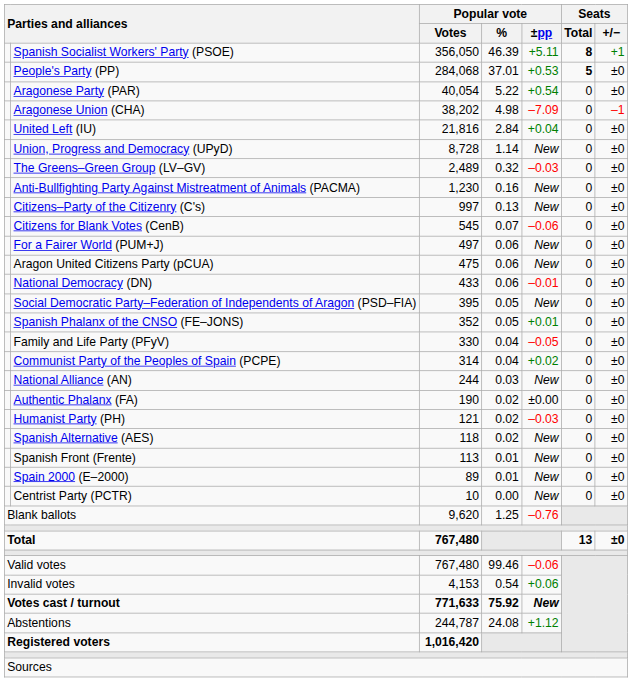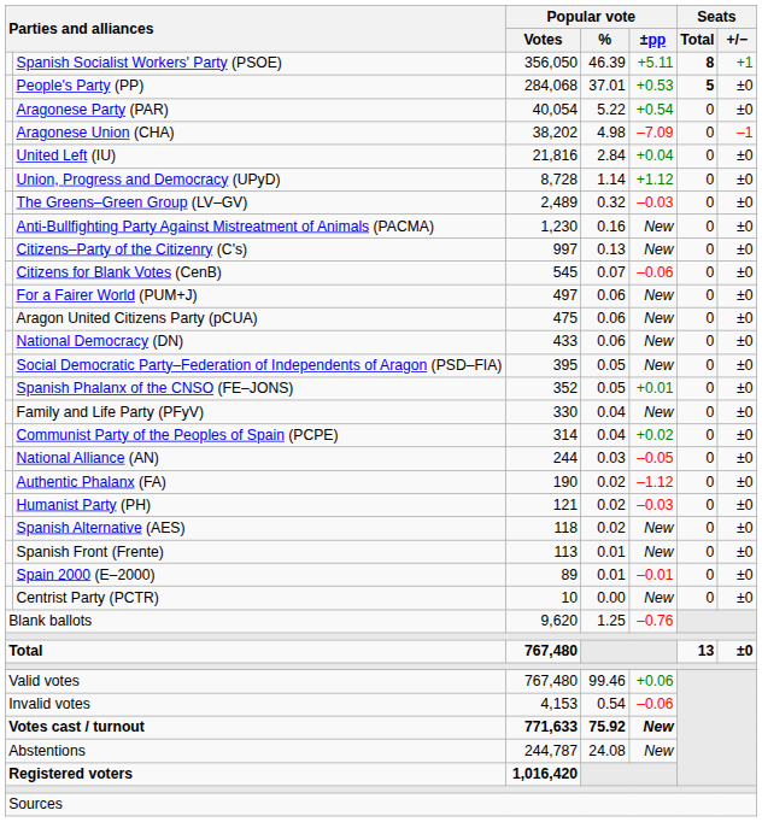 <table class="wikitable" style="text-align:right;">
 <tr>
 <th style="text-align:left;" rowspan="2" colspan="2" width="525">Parties and alliances</th>
 <th colspan="3">Popular vote</th>
 <th colspan="2">Seats</th>
 </tr>
 <tr>
 <th width="75">Votes</th>
 <th width="45">%</th>
 <th width="45">±<a href='#'>pp</a></th>
 <th width="35">Total</th>
 <th width="35">+/−</th>
 </tr>
 <tr>
 <td width="1" style="color:inherit;background:"></td>
 <td align="left"><a href='#'>Spanish Socialist Workers' Party</a> (PSOE)</td>
 <td>356,050</td>
 <td>46.39</td>
 <td style="color:green;">+5.11</td>
 <td><strong>8</strong></td>
 <td style="color:green;">+1</td>
 </tr>
 <tr>
 <td style="color:inherit;background:"></td>
 <td align="left"><a href='#'>People's Party</a> (PP)</td>
 <td>284,068</td>
 <td>37.01</td>
 <td style="color:green;">+0.53</td>
 <td><strong>5</strong></td>
 <td>±0</td>
 </tr>
 <tr>
 <td style="color:inherit;background:"></td>
 <td align="left"><a href='#'>Aragonese Party</a> (PAR)</td>
 <td>40,054</td>
 <td>5.22</td>
 <td style="color:green;">+0.54</td>
 <td>0</td>
 <td>±0</td>
 </tr>
 <tr>
 <td style="color:inherit;background:"></td>
 <td align="left"><a href='#'>Aragonese Union</a> (CHA)</td>
 <td>38,202</td>
 <td>4.98</td>
 <td style="color:red;">–7.09</td>
 <td>0</td>
 <td style="color:red;">–1</td>
 </tr>
 <tr>
 <td style="color:inherit;background:"></td>
 <td align="left"><a href='#'>United Left</a> (IU)</td>
 <td>21,816</td>
 <td>2.84</td>
 <td style="color:green;">+0.04</td>
 <td>0</td>
 <td>±0</td>
 </tr>
 <tr>
 <td style="color:inherit;background:"></td>
 <td align="left"><a href='#'>Union, Progress and Democracy</a> (UPyD)</td>
 <td>8,728</td>
 <td>1.14</td>
-<td><em>New</em></td>
+<td style="color:green;">+1.12</td>
 <td>0</td>
 <td>±0</td>
 </tr>
 <tr>
 <td style="color:inherit;background:"></td>
 <td align="left"><a href='#'>The Greens–Green Group</a> (LV–GV)</td>
 <td>2,489</td>
 <td>0.32</td>
 <td style="color:red;">–0.03</td>
 <td>0</td>
 <td>±0</td>
 </tr>
 <tr>
 <td style="color:inherit;background:"></td>
 <td align="left"><a href='#'>Anti-Bullfighting Party Against Mistreatment of Animals</a> (PACMA)</td>
 <td>1,230</td>
 <td>0.16</td>
 <td><em>New</em></td>
 <td>0</td>
 <td>±0</td>
 </tr>
 <tr>
 <td style="color:inherit;background:"></td>
 <td align="left"><a href='#'>Citizens–Party of the Citizenry</a> (C's)</td>
 <td>997</td>
 <td>0.13</td>
 <td><em>New</em></td>
 <td>0</td>
 <td>±0</td>
 </tr>
 <tr>
 <td style="color:inherit;background:"></td>
 <td align="left"><a href='#'>Citizens for Blank Votes</a> (CenB)</td>
 <td>545</td>
 <td>0.07</td>
 <td style="color:red;">–0.06</td>
 <td>0</td>
 <td>±0</td>
 </tr>
 <tr>
 <td style="color:inherit;background:"></td>
 <td align="left"><a href='#'>For a Fairer World</a> (PUM+J)</td>
 <td>497</td>
 <td>0.06</td>
 <td><em>New</em></td>
 <td>0</td>
 <td>±0</td>
 </tr>
 <tr>
 <td style="color:inherit;background:"></td>
 <td align="left">Aragon United Citizens Party (pCUA)</td>
 <td>475</td>
 <td>0.06</td>
 <td><em>New</em></td>
 <td>0</td>
 <td>±0</td>
 </tr>
 <tr>
 <td style="color:inherit;background:"></td>
 <td align="left"><a href='#'>National Democracy</a> (DN)</td>
 <td>433</td>
 <td>0.06</td>
-<td style="color:red;">–0.01</td>
+<td><em>New</em></td>
 <td>0</td>
 <td>±0</td>
 </tr>
 <tr>
 <td style="color:inherit;background:"></td>
 <td align="left"><a href='#'>Social Democratic Party–Federation of Independents of Aragon</a> (PSD–FIA)</td>
 <td>395</td>
 <td>0.05</td>
 <td><em>New</em></td>
 <td>0</td>
 <td>±0</td>
 </tr>
 <tr>
 <td style="color:inherit;background:"></td>
 <td align="left"><a href='#'>Spanish Phalanx of the CNSO</a> (FE–JONS)</td>
 <td>352</td>
 <td>0.05</td>
 <td style="color:green;">+0.01</td>
 <td>0</td>
 <td>±0</td>
 </tr>
 <tr>
 <td style="color:inherit;background:"></td>
 <td align="left">Family and Life Party (PFyV)</td>
 <td>330</td>
 <td>0.04</td>
-<td style="color:red;">–0.05</td>
+<td><em>New</em></td>
 <td>0</td>
 <td>±0</td>
 </tr>
 <tr>
 <td style="color:inherit;background:"></td>
 <td align="left"><a href='#'>Communist Party of the Peoples of Spain</a> (PCPE)</td>
 <td>314</td>
 <td>0.04</td>
 <td style="color:green;">+0.02</td>
 <td>0</td>
 <td>±0</td>
 </tr>
 <tr>
 <td style="color:inherit;background:"></td>
 <td align="left"><a href='#'>National Alliance</a> (AN)</td>
 <td>244</td>
 <td>0.03</td>
-<td><em>New</em></td>
+<td style="color:red;">–0.05</td>
 <td>0</td>
 <td>±0</td>
 </tr>
 <tr>
 <td style="color:inherit;background:"></td>
 <td align="left"><a href='#'>Authentic Phalanx</a> (FA)</td>
 <td>190</td>
 <td>0.02</td>
-<td>±0.00</td>
+<td style="color:red;">–1.12</td>
 <td>0</td>
 <td>±0</td>
 </tr>
 <tr>
 <td style="color:inherit;background:"></td>
 <td align="left"><a href='#'>Humanist Party</a> (PH)</td>
 <td>121</td>
 <td>0.02</td>
 <td style="color:red;">–0.03</td>
 <td>0</td>
 <td>±0</td>
 </tr>
 <tr>
 <td style="color:inherit;background:"></td>
 <td align="left"><a href='#'>Spanish Alternative</a> (AES)</td>
 <td>118</td>
 <td>0.02</td>
 <td><em>New</em></td>
 <td>0</td>
 <td>±0</td>
 </tr>
 <tr>
 <td style="color:inherit;background:"></td>
 <td align="left">Spanish Front (Frente)</td>
 <td>113</td>
 <td>0.01</td>
 <td><em>New</em></td>
 <td>0</td>
 <td>±0</td>
 </tr>
 <tr>
 <td style="color:inherit;background:"></td>
 <td align="left"><a href='#'>Spain 2000</a> (E–2000)</td>
 <td>89</td>
 <td>0.01</td>
-<td><em>New</em></td>
+<td style="color:red;">–0.01</td>
 <td>0</td>
 <td>±0</td>
 </tr>
 <tr>
 <td style="color:inherit;background:"></td>
 <td align="left">Centrist Party (PCTR)</td>
 <td>10</td>
 <td>0.00</td>
 <td><em>New</em></td>
 <td>0</td>
 <td>±0</td>
 </tr>
 <tr>
 <td align="left" colspan="2">Blank ballots</td>
 <td>9,620</td>
 <td>1.25</td>
 <td style="color:red;">–0.76</td>
 <td bgcolor="#E9E9E9" colspan="2"></td>
 </tr>
 <tr>
 <td colspan="7" bgcolor="#E9E9E9"></td>
 </tr>
 <tr style="font-weight:bold;">
 <td align="left" colspan="2">Total</td>
 <td>767,480</td>
 <td bgcolor="#E9E9E9" colspan="2"></td>
 <td>13</td>
 <td>±0</td>
 </tr>
 <tr>
 <td colspan="7" bgcolor="#E9E9E9"></td>
 </tr>
 <tr>
 <td align="left" colspan="2">Valid votes</td>
 <td>767,480</td>
 <td>99.46</td>
-<td style="color:red;">–0.06</td>
+<td style="color:green;">+0.06</td>
 <td bgcolor="#E9E9E9" colspan="2" rowspan="5"></td>
 </tr>
 <tr>
 <td align="left" colspan="2">Invalid votes</td>
 <td>4,153</td>
 <td>0.54</td>
-<td style="color:green;">+0.06</td>
+<td style="color:red;">–0.06</td>
 </tr>
 <tr style="font-weight:bold;">
 <td align="left" colspan="2">Votes cast / turnout</td>
 <td>771,633</td>
 <td>75.92</td>
 <td><em>New</em></td>
 </tr>
 <tr>
 <td align="left" colspan="2">Abstentions</td>
 <td>244,787</td>
 <td>24.08</td>
-<td style="color:green;">+1.12</td>
+<td><em>New</em></td>
 </tr>
 <tr style="font-weight:bold;">
 <td align="left" colspan="2">Registered voters</td>
 <td>1,016,420</td>
 <td bgcolor="#E9E9E9" colspan="2"></td>
 </tr>
 <tr>
 <td colspan="7" bgcolor="#E9E9E9"></td>
 </tr>
 <tr>
 <td align="left" colspan="7">Sources</td>
 </tr>
 </table>
